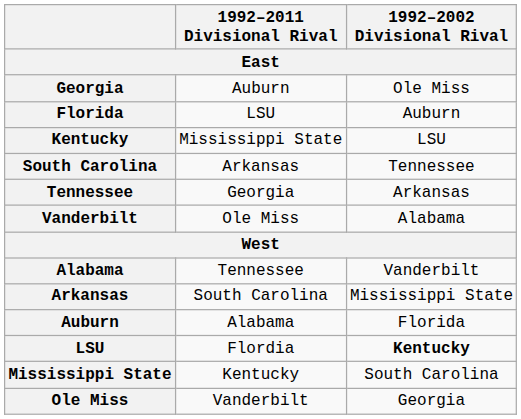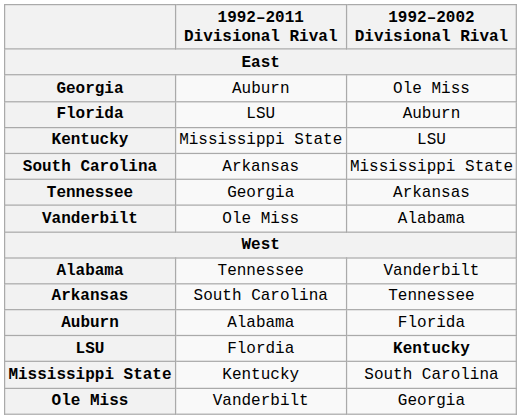 <table class="wikitable" style="text-align:center">
 <tr>
 <th></th>
 <th>1992–2011<br>Divisional Rival</th>
 <th>1992–2002<br>Divisional Rival</th>
 </tr>
 <tr>
 <th colspan="3">East</th>
 </tr>
 <tr>
 <th>Georgia</th>
 <td>Auburn</td>
 <td>Ole Miss</td>
 </tr>
 <tr>
 <th>Florida</th>
 <td>LSU</td>
 <td>Auburn</td>
 </tr>
 <tr>
 <th>Kentucky</th>
 <td>Mississippi State</td>
 <td>LSU</td>
 </tr>
 <tr>
 <th>South Carolina</th>
 <td>Arkansas</td>
-<td>Tennessee</td>
+<td>Mississippi State</td>
 </tr>
 <tr>
 <th>Tennessee</th>
 <td>Georgia</td>
 <td>Arkansas</td>
 </tr>
 <tr>
 <th>Vanderbilt</th>
 <td>Ole Miss</td>
 <td>Alabama</td>
 </tr>
 <tr>
 <th colspan="3">West</th>
 </tr>
 <tr>
 <th>Alabama</th>
 <td>Tennessee</td>
 <td>Vanderbilt</td>
 </tr>
 <tr>
 <th>Arkansas</th>
 <td>South Carolina</td>
-<td>Mississippi State</td>
+<td>Tennessee</td>
 </tr>
 <tr>
 <th>Auburn</th>
 <td>Alabama</td>
 <td>Florida</td>
 </tr>
 <tr>
 <th>LSU</th>
 <td>Flordia</td>
 <td><strong>Kentucky</strong></td>
 </tr>
 <tr>
 <th>Mississippi State</th>
 <td>Kentucky</td>
 <td>South Carolina</td>
 </tr>
 <tr>
 <th>Ole Miss</th>
 <td>Vanderbilt</td>
 <td>Georgia</td>
 </tr>
 </table>
